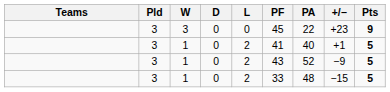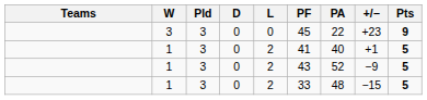 <table class="wikitable" style="text-align: center;">
 <tr>
 <th width="200">Teams</th>
+<th width="40">W</th>
 <th width="40">Pld</th>
-<th width="40">W</th>
 <th width="40">D</th>
 <th width="40">L</th>
 <th width="40">PF</th>
 <th width="40">PA</th>
 <th width="40">+/−</th>
 <th width="40">Pts</th>
 </tr>
 <tr>
 <td align=left></td>
 <td>3</td>
 <td>3</td>
 <td>0</td>
 <td>0</td>
 <td>45</td>
 <td>22</td>
 <td>+23</td>
 <td><strong>9</strong></td>
 </tr>
 <tr>
 <td align=left></td>
+<td>1</td>
 <td>3</td>
-<td>1</td>
 <td>0</td>
 <td>2</td>
 <td>41</td>
 <td>40</td>
 <td>+1</td>
 <td><strong>5</strong></td>
 </tr>
 <tr>
 <td align=left></td>
+<td>1</td>
 <td>3</td>
-<td>1</td>
 <td>0</td>
 <td>2</td>
 <td>43</td>
 <td>52</td>
 <td>−9</td>
 <td><strong>5</strong></td>
 </tr>
 <tr>
 <td align=left></td>
+<td>1</td>
 <td>3</td>
-<td>1</td>
 <td>0</td>
 <td>2</td>
 <td>33</td>
 <td>48</td>
 <td>−15</td>
 <td><strong>5</strong></td>
 </tr>
 </table>
